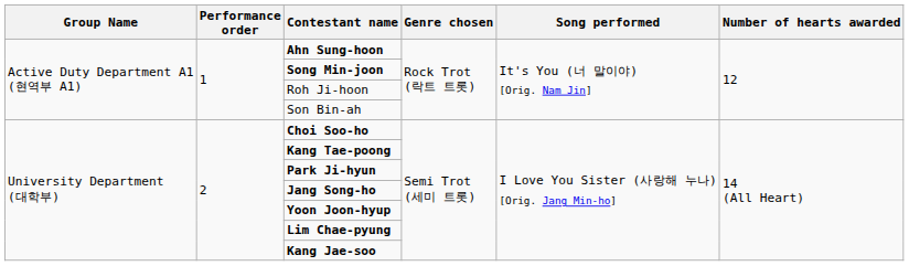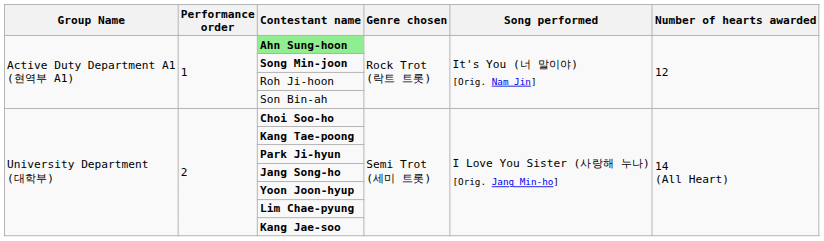 <table class="wikitable">
 <tr>
 <th>Group Name</th>
 <th>Performance<br>order</th>
 <th>Contestant name</th>
 <th>Genre chosen</th>
 <th>Song performed</th>
 <th>Number of hearts awarded</th>
 </tr>
 <tr>
 <td rowspan=4>Active Duty Department A1<br>(현역부 A1)</td>
 <td rowspan=4>1</td>
-<td><strong>Ahn Sung-hoon</strong></td>
+<td style="background: lightgreen;"><strong>Ahn Sung-hoon</strong></td>
 <td rowspan=4>Rock Trot<br>(락트 트롯)</td>
 <td rowspan=4>It's You (너 말이야)<br><sub>[Orig. <a href='#'>Nam Jin</a>]</sub></td>
 <td rowspan=4>12</td>
 </tr>
 <tr>
 <td><strong>Song Min-joon</strong></td>
 </tr>
 <tr>
 <td>Roh Ji-hoon</td>
 </tr>
 <tr>
 <td>Son Bin-ah</td>
 </tr>
 <tr>
 <td rowspan=7>University Department<br>(대학부)</td>
 <td rowspan=7>2</td>
 <td><strong>Choi Soo-ho</strong></td>
 <td rowspan=7>Semi Trot<br>(세미 트롯)</td>
 <td rowspan=7>I Love You Sister (사랑해 누나)<br><sub>[Orig. <a href='#'>Jang Min-ho</a>]</sub></td>
 <td rowspan=7>14<br>(All Heart)</td>
 </tr>
 <tr>
 <td><strong>Kang Tae-poong</strong></td>
 </tr>
 <tr>
 <td><strong>Park Ji-hyun</strong></td>
 </tr>
 <tr>
 <td><strong>Jang Song-ho</strong></td>
 </tr>
 <tr>
 <td><strong>Yoon Joon-hyup</strong></td>
 </tr>
 <tr>
 <td><strong>Lim Chae-pyung</strong></td>
 </tr>
 <tr>
 <td><strong>Kang Jae-soo</strong></td>
 </tr>
 </table>
